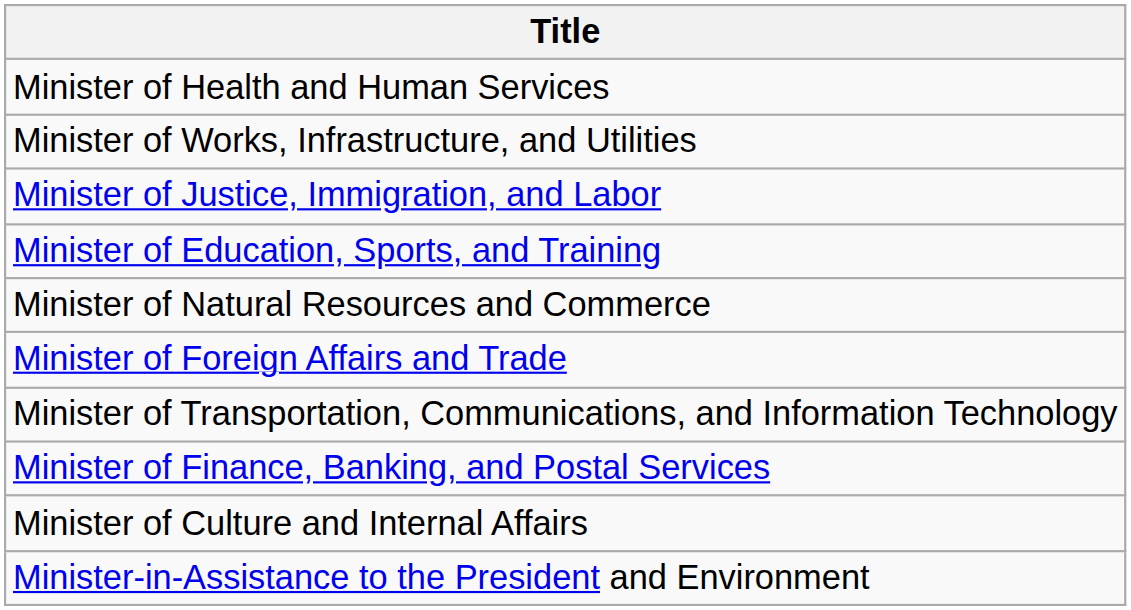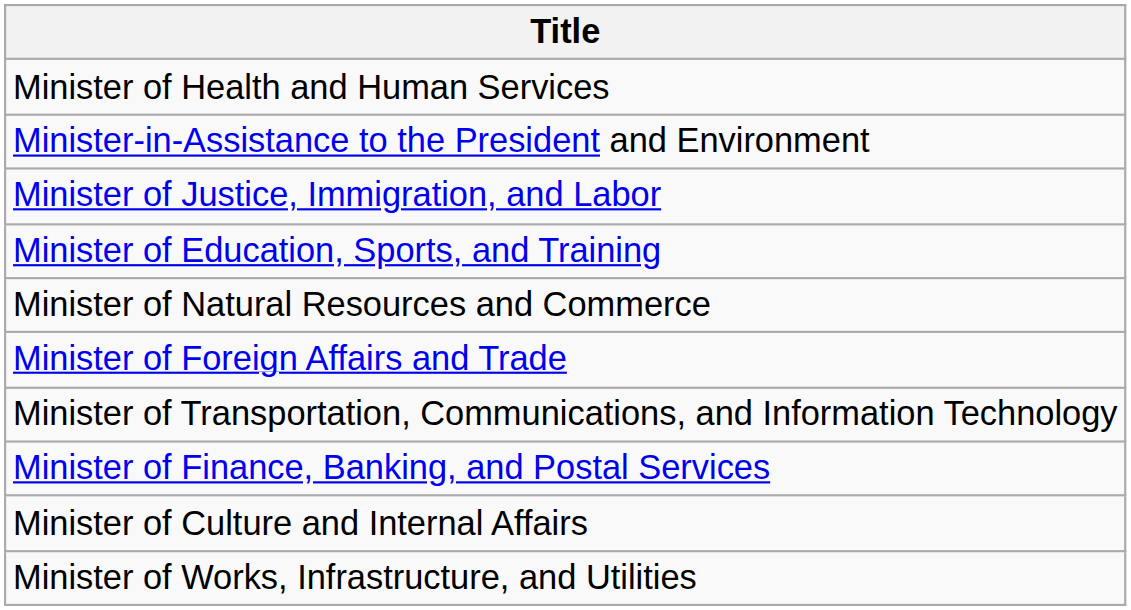 <table class="wikitable">
 <tr>
 <th>Title</th>
 </tr>
 <tr>
 <td>Minister of Health and Human Services</td>
 </tr>
 <tr>
-<td>Minister of Works, Infrastructure, and Utilities</td>
+<td><a href='#'>Minister-in-Assistance to the President</a> and Environment</td>
 </tr>
 <tr>
 <td><a href='#'>Minister of Justice, Immigration, and Labor</a></td>
 </tr>
 <tr>
 <td><a href='#'>Minister of Education, Sports, and Training</a></td>
 </tr>
 <tr>
 <td>Minister of Natural Resources and Commerce</td>
 </tr>
 <tr>
 <td><a href='#'>Minister of Foreign Affairs and Trade</a></td>
 </tr>
 <tr>
 <td>Minister of Transportation, Communications, and Information Technology</td>
 </tr>
 <tr>
 <td><a href='#'>Minister of Finance, Banking, and Postal Services</a></td>
 </tr>
 <tr>
 <td>Minister of Culture and Internal Affairs</td>
 </tr>
 <tr>
-<td><a href='#'>Minister-in-Assistance to the President</a> and Environment</td>
+<td>Minister of Works, Infrastructure, and Utilities</td>
 </tr>
 </table>
